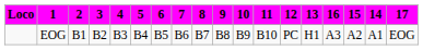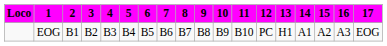 <table class="wikitable plainrowheaders unsortable" style="text-align:center">
 <tr>
 <th scope="col" rowspan="1" style="background:magenta;">Loco</th>
 <th scope="col" rowspan="1" style="background:magenta;">1</th>
 <th scope="col" rowspan="1" style="background:magenta;">2</th>
 <th scope="col" rowspan="1" style="background:magenta;">3</th>
 <th scope="col" rowspan="1" style="background:magenta;">4</th>
 <th scope="col" rowspan="1" style="background:magenta;">5</th>
 <th scope="col" rowspan="1" style="background:magenta;">6</th>
 <th scope="col" rowspan="1" style="background:magenta;">7</th>
 <th scope="col" rowspan="1" style="background:magenta;">8</th>
 <th scope="col" rowspan="1" style="background:magenta;">9</th>
 <th scope="col" rowspan="1" style="background:magenta;">10</th>
 <th scope="col" rowspan="1" style="background:magenta;">11</th>
 <th scope="col" rowspan="1" style="background:magenta;">12</th>
 <th scope="col" rowspan="1" style="background:magenta;">13</th>
+<th scope="col" rowspan="1" style="background:magenta;">14</th>
+<th scope="col" rowspan="1" style="background:magenta;">15</th>
 <th scope="col" rowspan="1" style="background:magenta;">16</th>
-<th scope="col" rowspan="1" style="background:magenta;">15</th>
-<th scope="col" rowspan="1" style="background:magenta;">14</th>
 <th scope="col" rowspan="1" style="background:magenta;">17</th>
 </tr>
 <tr>
 <td></td>
 <td>EOG</td>
 <td>B1</td>
 <td>B2</td>
 <td>B3</td>
 <td>B4</td>
 <td>B5</td>
 <td>B6</td>
 <td>B7</td>
 <td>B8</td>
 <td>B9</td>
 <td>B10</td>
 <td>PC</td>
 <td>H1</td>
+<td>A1</td>
+<td>A2</td>
 <td>A3</td>
-<td>A2</td>
-<td>A1</td>
 <td>EOG</td>
 </tr>
 </table>
